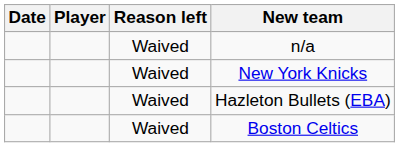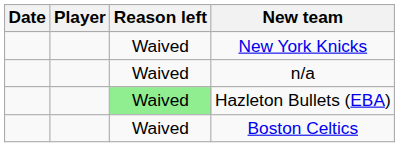 <table class="wikitable sortable sortable">
 <tr>
 <th>Date</th>
 <th>Player</th>
 <th>Reason left</th>
 <th>New team</th>
 </tr>
 <tr style="text-align: center">
 <td></td>
 <td></td>
 <td>Waived</td>
-<td>n/a</td>
-</tr>
-<tr style="text-align: center">
-<td></td>
-<td></td>
-<td>Waived</td>
 <td><a href='#'>New York Knicks</a></td>
 </tr>
 <tr style="text-align: center">
 <td></td>
 <td></td>
 <td>Waived</td>
+<td>n/a</td>
+</tr>
+<tr style="text-align: center">
+<td></td>
+<td></td>
+<td style="background: lightgreen;">Waived</td>
 <td>Hazleton Bullets (<a href='#'>EBA</a>)</td>
 </tr>
 <tr style="text-align: center">
 <td></td>
 <td></td>
 <td>Waived</td>
 <td><a href='#'>Boston Celtics</a></td>
 </tr>
 </table>
